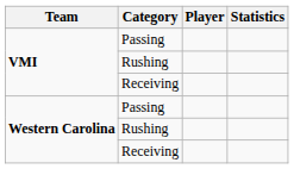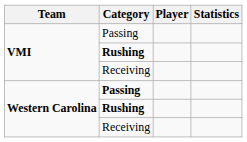 <table class="wikitable" style="float: right;">
 <tr>
 <th>Team</th>
 <th>Category</th>
 <th>Player</th>
 <th>Statistics</th>
 </tr>
 <tr>
 <td rowspan=3><strong>VMI</strong></td>
 <td>Passing</td>
 <td></td>
 <td></td>
 </tr>
 <tr>
-<td>Rushing</td>
+<td><strong>Rushing</strong></td>
 <td></td>
 <td></td>
 </tr>
 <tr>
 <td>Receiving</td>
 <td></td>
 <td></td>
 </tr>
 <tr>
 <td rowspan=3><strong>Western Carolina</strong></td>
-<td>Passing</td>
+<td><strong>Passing</strong></td>
 <td></td>
 <td></td>
 </tr>
 <tr>
-<td>Rushing</td>
+<td><strong>Rushing</strong></td>
 <td></td>
 <td></td>
 </tr>
 <tr>
 <td>Receiving</td>
 <td></td>
 <td></td>
 </tr>
 </table>
